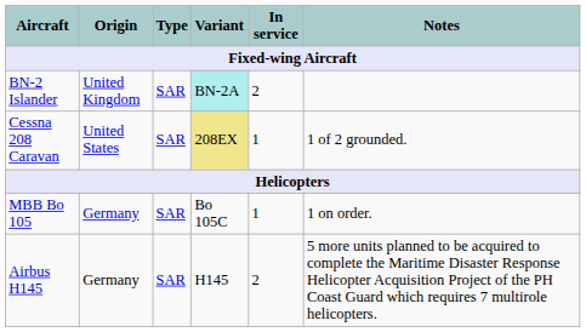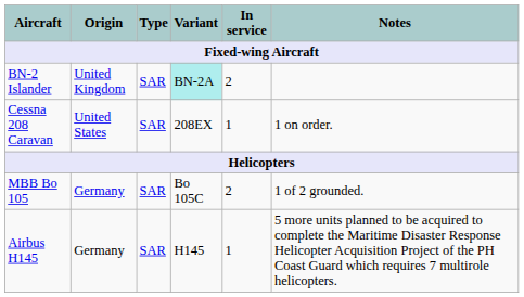 <table class="wikitable">
 <tr>
 <th style="text-align:center; background:#acc;">Aircraft</th>
 <th style="text-align: center; background:#acc;">Origin</th>
 <th style="text-align:l center; background:#acc;">Type</th>
 <th style="text-align:left; background:#acc;">Variant</th>
 <th style="text-align:center; background:#acc;">In service</th>
 <th style="text-align: center; background:#acc;">Notes</th>
 </tr>
 <tr>
 <th style="align: center; background: lavender;" colspan="7">Fixed-wing Aircraft</th>
 </tr>
 <tr>
 <td><a href='#'>BN-2 Islander</a></td>
 <td><a href='#'>United Kingdom</a></td>
 <td><a href='#'>SAR</a></td>
 <td style="background: paleturquoise;">BN-2A</td>
 <td>2</td>
 <td></td>
 </tr>
 <tr>
 <td><a href='#'>Cessna 208 Caravan</a></td>
 <td><a href='#'>United States</a></td>
 <td><a href='#'>SAR</a></td>
-<td style="background: khaki;">208EX</td>
+<td>208EX</td>
 <td>1</td>
-<td>1 of 2 grounded.</td>
+<td>1 on order.</td>
 </tr>
 <tr>
 <th style="align: center; background: lavender;" colspan="7">Helicopters</th>
 </tr>
 <tr>
 <td><a href='#'>MBB Bo 105</a></td>
 <td><a href='#'>Germany</a></td>
 <td><a href='#'>SAR</a></td>
 <td>Bo 105C</td>
-<td>1</td>
-<td>1 on order.</td>
+<td>2</td>
+<td>1 of 2 grounded.</td>
 </tr>
 <tr>
 <td><a href='#'>Airbus H145</a></td>
 <td>Germany</td>
 <td><a href='#'>SAR</a></td>
 <td>H145</td>
-<td>2</td>
+<td>1</td>
 <td>5 more units planned to be acquired to complete the Maritime Disaster Response Helicopter Acquisition Project of the PH Coast Guard which requires 7 multirole helicopters.</td>
 </tr>
 </table>
